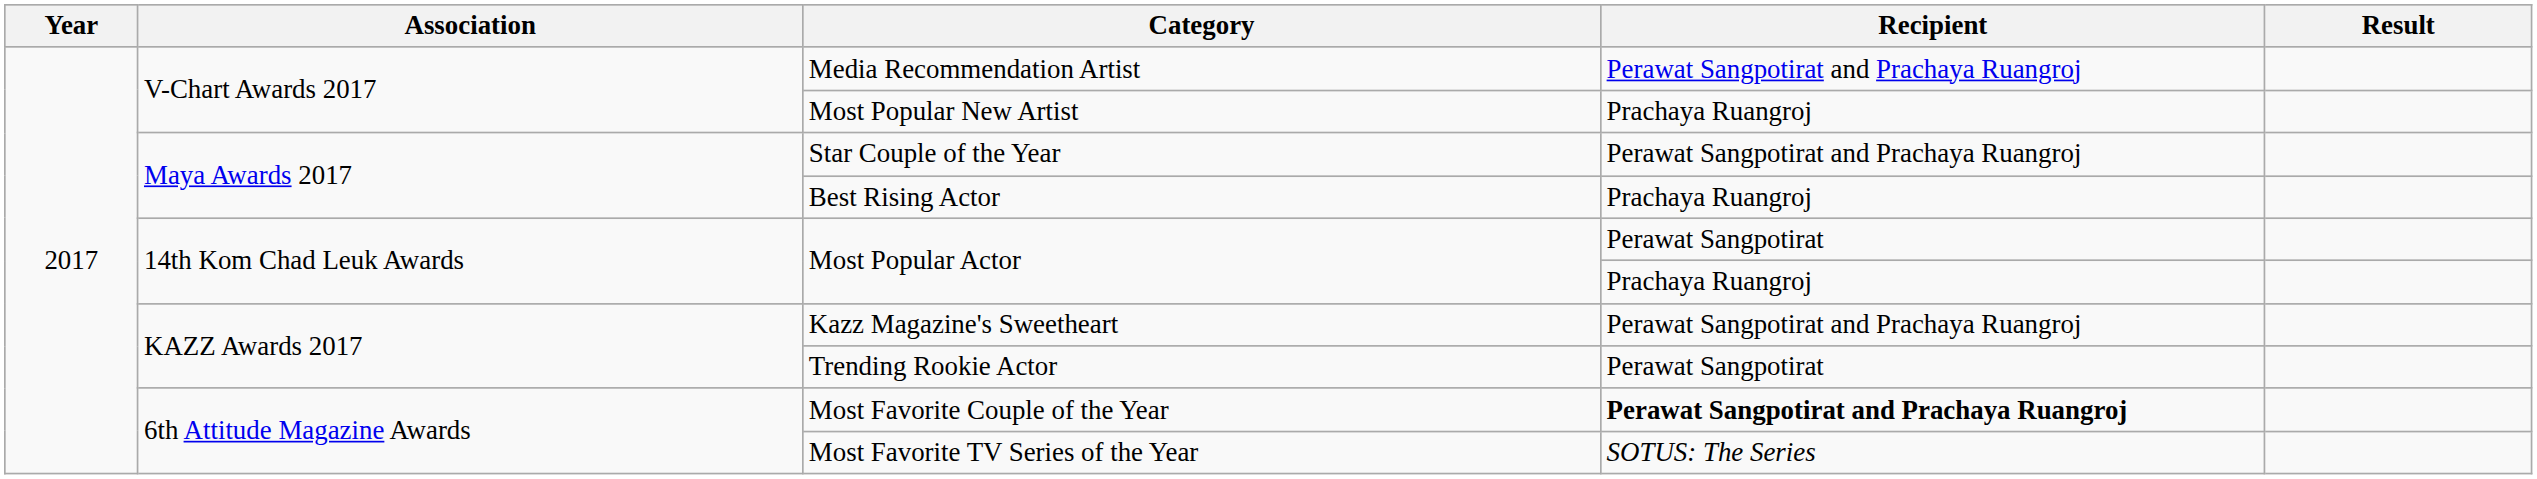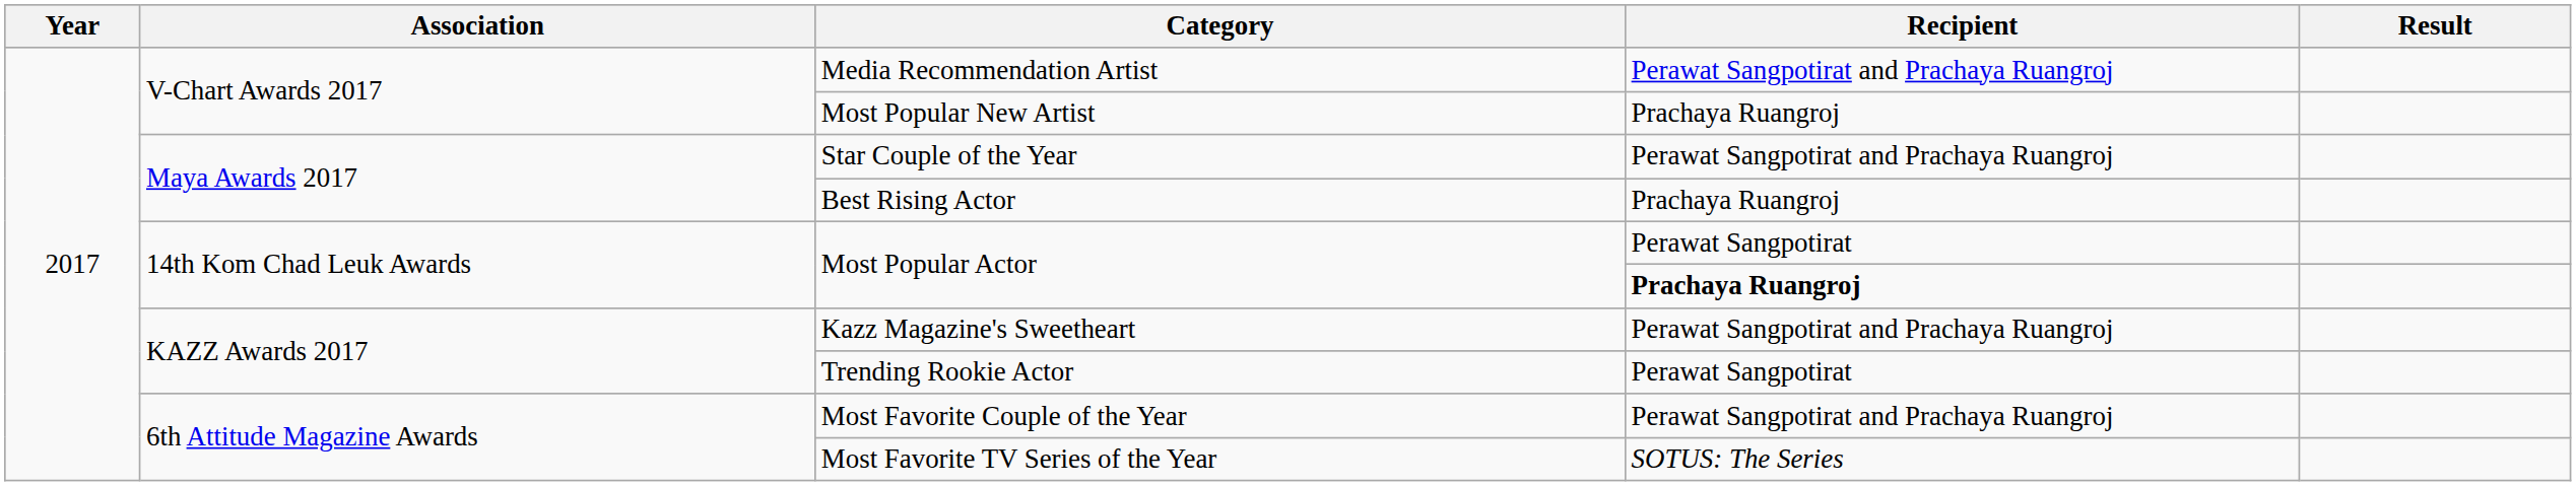 <table class=wikitable style="width:95%;">
 <tr>
 <th width=5%>Year</th>
 <th width=25%>Association</th>
 <th width=30%>Category</th>
 <th width=25%>Recipient</th>
 <th width=10%>Result</th>
 </tr>
 <tr>
 <td align="center" rowspan=16>2017</td>
 <td rowspan=2>V-Chart Awards 2017</td>
 <td>Media Recommendation Artist</td>
 <td><a href='#'>Perawat Sangpotirat</a> and <a href='#'>Prachaya Ruangroj</a></td>
 <td></td>
 </tr>
 <tr>
 <td>Most Popular New Artist</td>
 <td>Prachaya Ruangroj</td>
 <td></td>
 </tr>
 <tr>
 <td rowspan=2><a href='#'>Maya Awards</a> 2017</td>
 <td>Star Couple of the Year</td>
 <td>Perawat Sangpotirat and Prachaya Ruangroj</td>
 <td></td>
 </tr>
 <tr>
 <td>Best Rising Actor</td>
 <td>Prachaya Ruangroj</td>
 <td></td>
 </tr>
 <tr>
 <td rowspan=2>14th Kom Chad Leuk Awards</td>
 <td rowspan=2>Most Popular Actor</td>
 <td>Perawat Sangpotirat</td>
 <td></td>
 </tr>
 <tr>
-<td>Prachaya Ruangroj</td>
+<td><strong>Prachaya Ruangroj</strong></td>
 <td></td>
 </tr>
 <tr>
 <td rowspan=2>KAZZ Awards 2017</td>
 <td>Kazz Magazine's Sweetheart</td>
 <td>Perawat Sangpotirat and Prachaya Ruangroj</td>
 <td></td>
 </tr>
 <tr>
 <td>Trending Rookie Actor</td>
 <td>Perawat Sangpotirat</td>
 <td></td>
 </tr>
 <tr>
 <td rowspan=2>6th <a href='#'>Attitude Magazine</a> Awards</td>
 <td>Most Favorite Couple of the Year</td>
-<td><strong>Perawat Sangpotirat and Prachaya Ruangroj</strong></td>
+<td>Perawat Sangpotirat and Prachaya Ruangroj</td>
 <td></td>
 </tr>
 <tr>
 <td>Most Favorite TV Series of the Year</td>
 <td><em>SOTUS: The Series</em></td>
 <td></td>
 </tr>
 </table>
